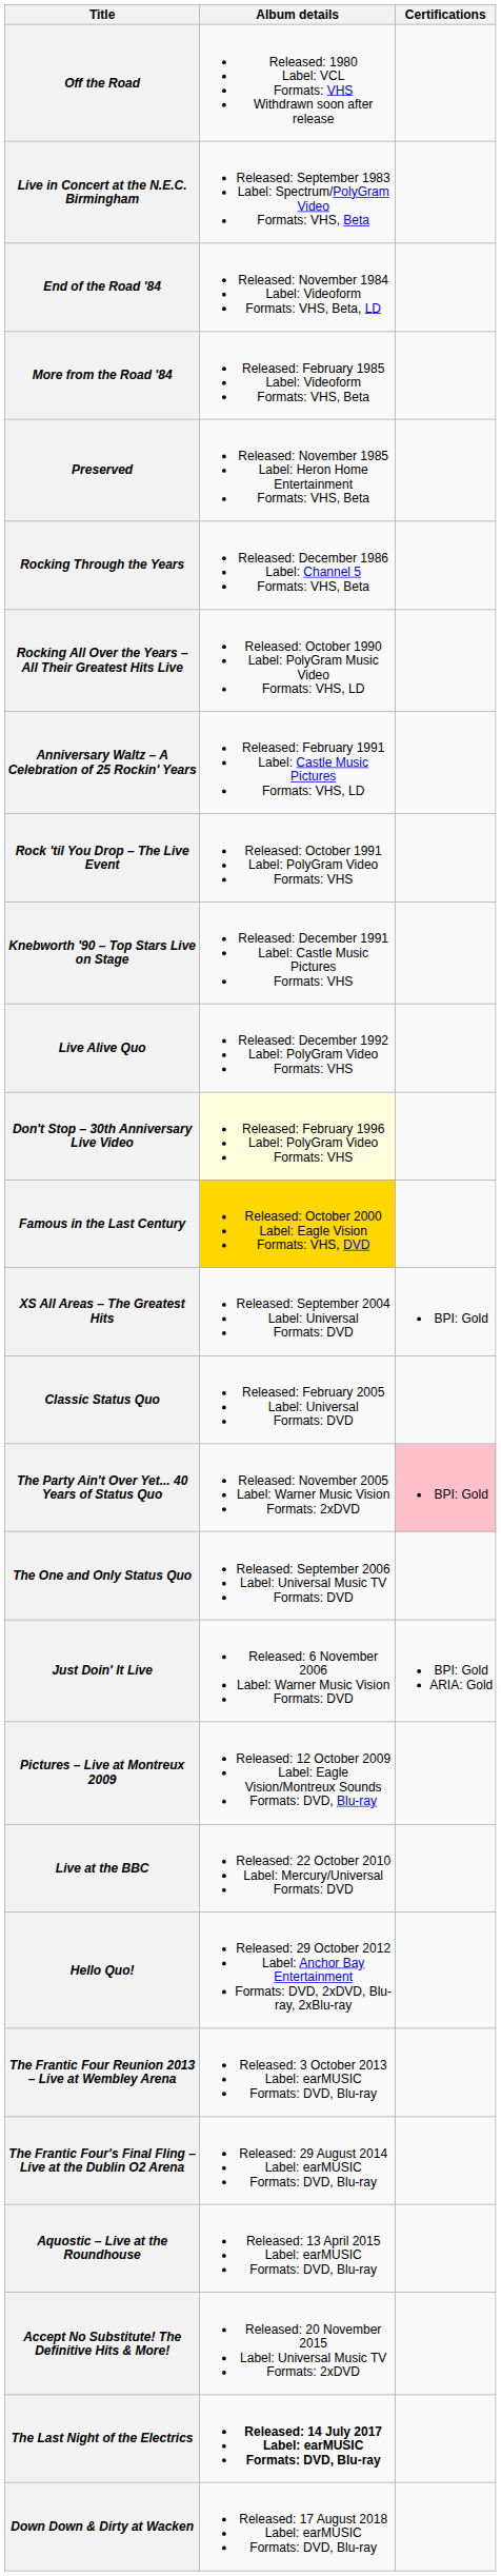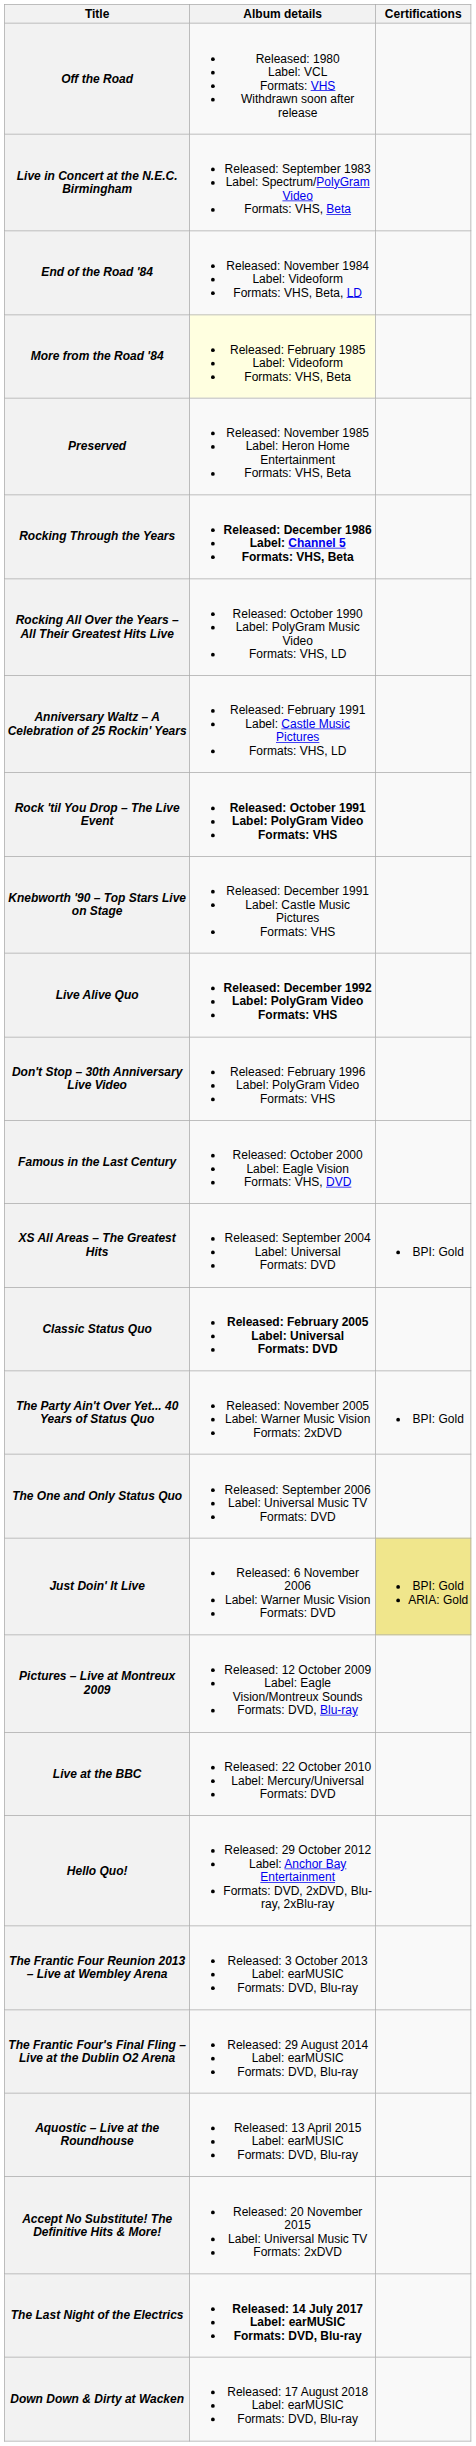 <table class="wikitable plainrowheaders" style="text-align:center;">
 <tr>
 <th scope="col" style="width:15em;">Title</th>
 <th scope="col" style="width:15em;">Album details</th>
 <th>Certifications</th>
 </tr>
 <tr>
 <th scope="row"><em>Off the Road</em></th>
 <td><br><ul><li>Released: 1980</li><li>Label: VCL</li><li>Formats: <a href='#'>VHS</a></li><li>Withdrawn soon after release</li></ul></td>
 <td></td>
 </tr>
 <tr>
 <th scope="row"><em>Live in Concert at the N.E.C. Birmingham</em></th>
 <td><br><ul><li>Released: September 1983</li><li>Label: Spectrum/<a href='#'>PolyGram Video</a></li><li>Formats: VHS, <a href='#'>Beta</a></li></ul></td>
 <td></td>
 </tr>
 <tr>
 <th scope="row"><em>End of the Road '84</em></th>
 <td><br><ul><li>Released: November 1984</li><li>Label: Videoform</li><li>Formats: VHS, Beta, <a href='#'>LD</a></li></ul></td>
 <td></td>
 </tr>
 <tr>
 <th scope="row"><em>More from the Road '84</em></th>
-<td><br><ul><li>Released: February 1985</li><li>Label: Videoform</li><li>Formats: VHS, Beta</li></ul></td>
+<td style="background: lightyellow;"><br><ul><li>Released: February 1985</li><li>Label: Videoform</li><li>Formats: VHS, Beta</li></ul></td>
 <td></td>
 </tr>
 <tr>
 <th scope="row"><em>Preserved</em></th>
 <td><br><ul><li>Released: November 1985</li><li>Label: Heron Home Entertainment</li><li>Formats: VHS, Beta</li></ul></td>
 <td></td>
 </tr>
 <tr>
 <th scope="row"><em>Rocking Through the Years</em></th>
-<td><br><ul><li>Released: December 1986</li><li>Label: <a href='#'>Channel 5</a></li><li>Formats: VHS, Beta</li></ul></td>
+<td><strong><br><ul><li>Released: December 1986</li><li>Label: <a href='#'>Channel 5</a></li><li>Formats: VHS, Beta</li></ul></strong></td>
 <td></td>
 </tr>
 <tr>
 <th scope="row"><em>Rocking All Over the Years – All Their Greatest Hits Live</em></th>
 <td><br><ul><li>Released: October 1990</li><li>Label: PolyGram Music Video</li><li>Formats: VHS, LD</li></ul></td>
 <td></td>
 </tr>
 <tr>
 <th scope="row"><em>Anniversary Waltz – A Celebration of 25 Rockin' Years</em></th>
 <td><br><ul><li>Released: February 1991</li><li>Label: <a href='#'>Castle Music Pictures</a></li><li>Formats: VHS, LD</li></ul></td>
 <td></td>
 </tr>
 <tr>
 <th scope="row"><em>Rock 'til You Drop – The Live Event</em></th>
-<td><br><ul><li>Released: October 1991</li><li>Label: PolyGram Video</li><li>Formats: VHS</li></ul></td>
+<td><strong><br><ul><li>Released: October 1991</li><li>Label: PolyGram Video</li><li>Formats: VHS</li></ul></strong></td>
 <td></td>
 </tr>
 <tr>
 <th scope="row"><em>Knebworth '90 – Top Stars Live on Stage</em></th>
 <td><br><ul><li>Released: December 1991</li><li>Label: Castle Music Pictures</li><li>Formats: VHS</li></ul></td>
 <td></td>
 </tr>
 <tr>
 <th scope="row"><em>Live Alive Quo</em></th>
-<td><br><ul><li>Released: December 1992</li><li>Label: PolyGram Video</li><li>Formats: VHS</li></ul></td>
+<td><strong><br><ul><li>Released: December 1992</li><li>Label: PolyGram Video</li><li>Formats: VHS</li></ul></strong></td>
 <td></td>
 </tr>
 <tr>
 <th scope="row"><em>Don't Stop – 30th Anniversary Live Video</em></th>
-<td style="background: lightyellow;"><br><ul><li>Released: February 1996</li><li>Label: PolyGram Video</li><li>Formats: VHS</li></ul></td>
+<td><br><ul><li>Released: February 1996</li><li>Label: PolyGram Video</li><li>Formats: VHS</li></ul></td>
 <td></td>
 </tr>
 <tr>
 <th scope="row"><em>Famous in the Last Century</em></th>
-<td style="background: gold;"><br><ul><li>Released: October 2000</li><li>Label: Eagle Vision</li><li>Formats: VHS, <a href='#'>DVD</a></li></ul></td>
+<td><br><ul><li>Released: October 2000</li><li>Label: Eagle Vision</li><li>Formats: VHS, <a href='#'>DVD</a></li></ul></td>
 <td></td>
 </tr>
 <tr>
 <th scope="row"><em>XS All Areas – The Greatest Hits</em></th>
 <td><br><ul><li>Released: September 2004</li><li>Label: Universal</li><li>Formats: DVD</li></ul></td>
 <td><br><ul><li>BPI: Gold</li></ul></td>
 </tr>
 <tr>
 <th scope="row"><em>Classic Status Quo</em></th>
-<td><br><ul><li>Released: February 2005</li><li>Label: Universal</li><li>Formats: DVD</li></ul></td>
+<td><strong><br><ul><li>Released: February 2005</li><li>Label: Universal</li><li>Formats: DVD</li></ul></strong></td>
 <td></td>
 </tr>
 <tr>
 <th scope="row"><em>The Party Ain't Over Yet... 40 Years of Status Quo</em></th>
 <td><br><ul><li>Released: November 2005</li><li>Label: Warner Music Vision</li><li>Formats: 2xDVD</li></ul></td>
-<td style="background: pink;"><br><ul><li>BPI: Gold</li></ul></td>
+<td><br><ul><li>BPI: Gold</li></ul></td>
 </tr>
 <tr>
 <th scope="row"><em>The One and Only Status Quo</em></th>
 <td><br><ul><li>Released: September 2006</li><li>Label: Universal Music TV</li><li>Formats: DVD</li></ul></td>
 <td></td>
 </tr>
 <tr>
 <th scope="row"><em>Just Doin' It Live</em></th>
 <td><br><ul><li>Released: 6 November 2006</li><li>Label: Warner Music Vision</li><li>Formats: DVD</li></ul></td>
-<td><br><ul><li>BPI: Gold</li><li>ARIA: Gold</li></ul></td>
+<td style="background: khaki;"><br><ul><li>BPI: Gold</li><li>ARIA: Gold</li></ul></td>
 </tr>
 <tr>
 <th scope="row"><em>Pictures – Live at Montreux 2009</em></th>
 <td><br><ul><li>Released: 12 October 2009</li><li>Label: Eagle Vision/Montreux Sounds</li><li>Formats: DVD, <a href='#'>Blu-ray</a></li></ul></td>
 <td></td>
 </tr>
 <tr>
 <th scope="row"><em>Live at the BBC</em></th>
 <td><br><ul><li>Released: 22 October 2010</li><li>Label: Mercury/Universal</li><li>Formats: DVD</li></ul></td>
 <td></td>
 </tr>
 <tr>
 <th scope="row"><em>Hello Quo!</em></th>
 <td><br><ul><li>Released: 29 October 2012</li><li>Label: <a href='#'>Anchor Bay Entertainment</a></li><li>Formats: DVD, 2xDVD, Blu-ray, 2xBlu-ray</li></ul></td>
 <td></td>
 </tr>
 <tr>
 <th scope="row"><em>The Frantic Four Reunion 2013 – Live at Wembley Arena</em></th>
 <td><br><ul><li>Released: 3 October 2013</li><li>Label: earMUSIC</li><li>Formats: DVD, Blu-ray</li></ul></td>
 <td></td>
 </tr>
 <tr>
 <th scope="row"><em>The Frantic Four's Final Fling – Live at the Dublin O2 Arena</em></th>
 <td><br><ul><li>Released: 29 August 2014</li><li>Label: earMUSIC</li><li>Formats: DVD, Blu-ray</li></ul></td>
 <td></td>
 </tr>
 <tr>
 <th scope="row"><em>Aquostic – Live at the Roundhouse</em></th>
 <td><br><ul><li>Released: 13 April 2015</li><li>Label: earMUSIC</li><li>Formats: DVD, Blu-ray</li></ul></td>
 <td></td>
 </tr>
 <tr>
 <th scope="row"><em>Accept No Substitute! The Definitive Hits & More!</em></th>
 <td><br><ul><li>Released: 20 November 2015</li><li>Label: Universal Music TV</li><li>Formats: 2xDVD</li></ul></td>
 <td></td>
 </tr>
 <tr>
 <th scope="row"><em>The Last Night of the Electrics</em></th>
 <td><strong><br><ul><li>Released: 14 July 2017</li><li>Label: earMUSIC</li><li>Formats: DVD, Blu-ray</li></ul></strong></td>
 <td></td>
 </tr>
 <tr>
 <th scope="row"><em>Down Down & Dirty at Wacken</em></th>
 <td><br><ul><li>Released: 17 August 2018</li><li>Label: earMUSIC</li><li>Formats: DVD, Blu-ray</li></ul></td>
 </tr>
 </table>
